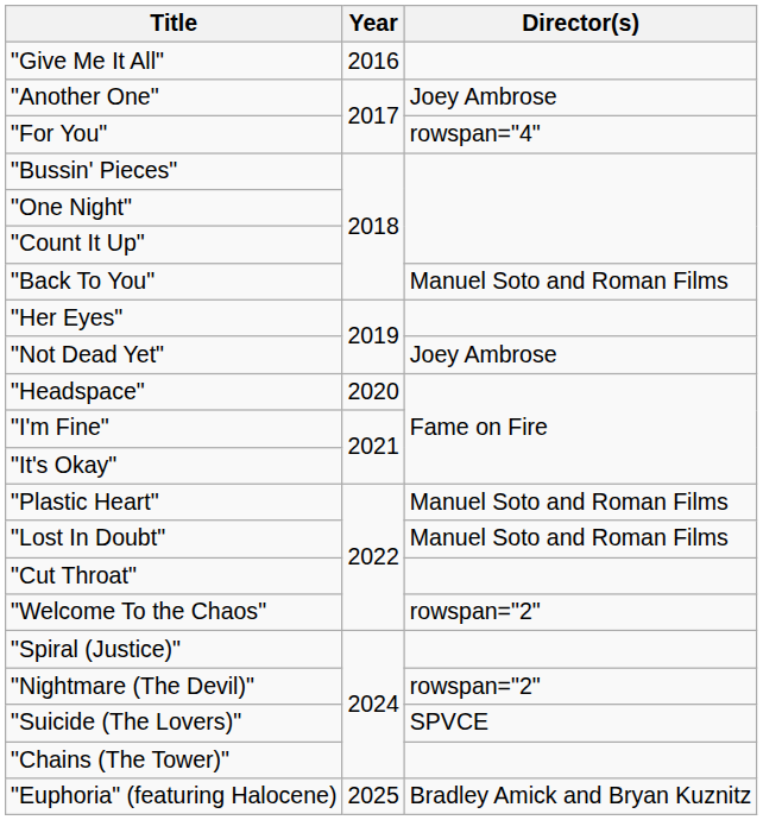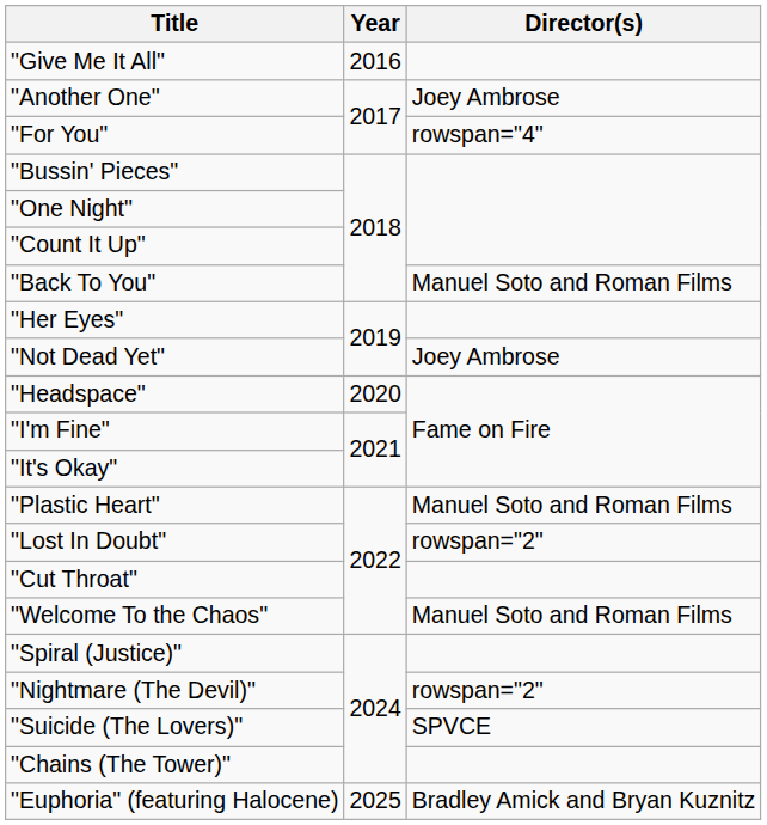 <table class="wikitable plainrowheaders">
 <tr>
 <th>Title</th>
 <th>Year</th>
 <th>Director(s)</th>
 </tr>
 <tr>
 <td>"Give Me It All"</td>
 <td>2016</td>
 <td></td>
 </tr>
 <tr>
 <td>"Another One"</td>
 <td rowspan="2">2017</td>
 <td>Joey Ambrose</td>
 </tr>
 <tr>
 <td>"For You"</td>
 <td>rowspan="4" </td>
 </tr>
 <tr>
 <td>"Bussin' Pieces"</td>
 <td rowspan="4">2018</td>
 </tr>
 <tr>
 <td>"One Night"</td>
 </tr>
 <tr>
 <td>"Count It Up"</td>
 </tr>
 <tr>
 <td>"Back To You"</td>
 <td>Manuel Soto and Roman Films</td>
 </tr>
 <tr>
 <td>"Her Eyes"</td>
 <td rowspan="2">2019</td>
 <td></td>
 </tr>
 <tr>
 <td>"Not Dead Yet"</td>
 <td>Joey Ambrose</td>
 </tr>
 <tr>
 <td>"Headspace"</td>
 <td>2020</td>
 <td rowspan="3">Fame on Fire</td>
 </tr>
 <tr>
 <td>"I'm Fine"</td>
 <td rowspan="2">2021</td>
 </tr>
 <tr>
 <td>"It's Okay"</td>
 </tr>
 <tr>
 <td>"Plastic Heart"</td>
 <td rowspan="4">2022</td>
 <td>Manuel Soto and Roman Films</td>
 </tr>
 <tr>
 <td>"Lost In Doubt"</td>
-<td>Manuel Soto and Roman Films</td>
+<td>rowspan="2" </td>
 </tr>
 <tr>
 <td>"Cut Throat"</td>
 </tr>
 <tr>
 <td>"Welcome To the Chaos"</td>
-<td>rowspan="2" </td>
+<td>Manuel Soto and Roman Films</td>
 </tr>
 <tr>
 <td>"Spiral (Justice)"</td>
 <td rowspan="4">2024</td>
 <td></td>
 </tr>
 <tr>
 <td>"Nightmare (The Devil)"</td>
 <td>rowspan="2" </td>
 </tr>
 <tr>
 <td>"Suicide (The Lovers)"</td>
 <td>SPVCE</td>
 </tr>
 <tr>
 <td>"Chains (The Tower)"</td>
 <td></td>
 </tr>
 <tr>
 <td>"Euphoria" (featuring Halocene)</td>
 <td rowspan="4">2025</td>
 <td>Bradley Amick and Bryan Kuznitz</td>
 </tr>
 </table>
